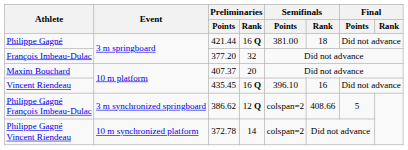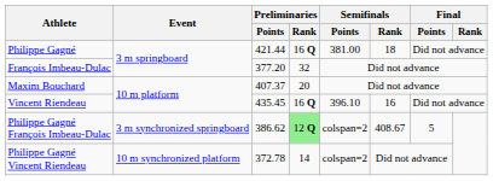 <table class=wikitable style="font-size:90%;">
 <tr>
 <th rowspan="2">Athlete</th>
 <th rowspan="2">Event</th>
 <th colspan="2">Preliminaries</th>
 <th colspan="2">Semifinals</th>
 <th colspan="2">Final</th>
 </tr>
 <tr style="font-size:95%">
 <th>Points</th>
 <th>Rank</th>
 <th>Points</th>
 <th>Rank</th>
 <th>Points</th>
 <th>Rank</th>
 </tr>
 <tr align=center>
 <td align=left><a href='#'>Philippe Gagné</a></td>
 <td align=left rowspan=2><a href='#'>3 m springboard</a></td>
 <td>421.44</td>
 <td>16 <strong>Q</strong></td>
 <td>381.00</td>
 <td>18</td>
 <td colspan=2>Did not advance</td>
 </tr>
 <tr align=center>
 <td align=left><a href='#'>François Imbeau-Dulac</a></td>
 <td>377.20</td>
 <td>32</td>
 <td colspan=4>Did not advance</td>
 </tr>
 <tr align=center>
 <td align=left><a href='#'>Maxim Bouchard</a></td>
 <td align=left rowspan=2><a href='#'>10 m platform</a></td>
 <td>407.37</td>
 <td>20</td>
 <td colspan=4>Did not advance</td>
 </tr>
 <tr align=center>
 <td align=left><a href='#'>Vincent Riendeau</a></td>
 <td>435.45</td>
 <td>16 <strong>Q</strong></td>
 <td>396.10</td>
 <td>16</td>
 <td colspan=2>Did not advance</td>
 </tr>
 <tr align=center>
 <td align=left><a href='#'>Philippe Gagné</a><br><a href='#'>François Imbeau-Dulac</a></td>
 <td align=left><a href='#'>3 m synchronized springboard</a></td>
 <td>386.62</td>
-<td>12 <strong>Q</strong></td>
+<td style="background: lightgreen;">12 <strong>Q</strong></td>
 <td>colspan=2 </td>
-<td>408.66</td>
+<td>408.67</td>
 <td>5</td>
 </tr>
 <tr align=center>
 <td align=left><a href='#'>Philippe Gagné</a><br><a href='#'>Vincent Riendeau</a></td>
 <td align=left><a href='#'>10 m synchronized platform</a></td>
 <td>372.78</td>
 <td>14</td>
 <td>colspan=2 </td>
 <td colspan=2>Did not advance</td>
 </tr>
 </table>
